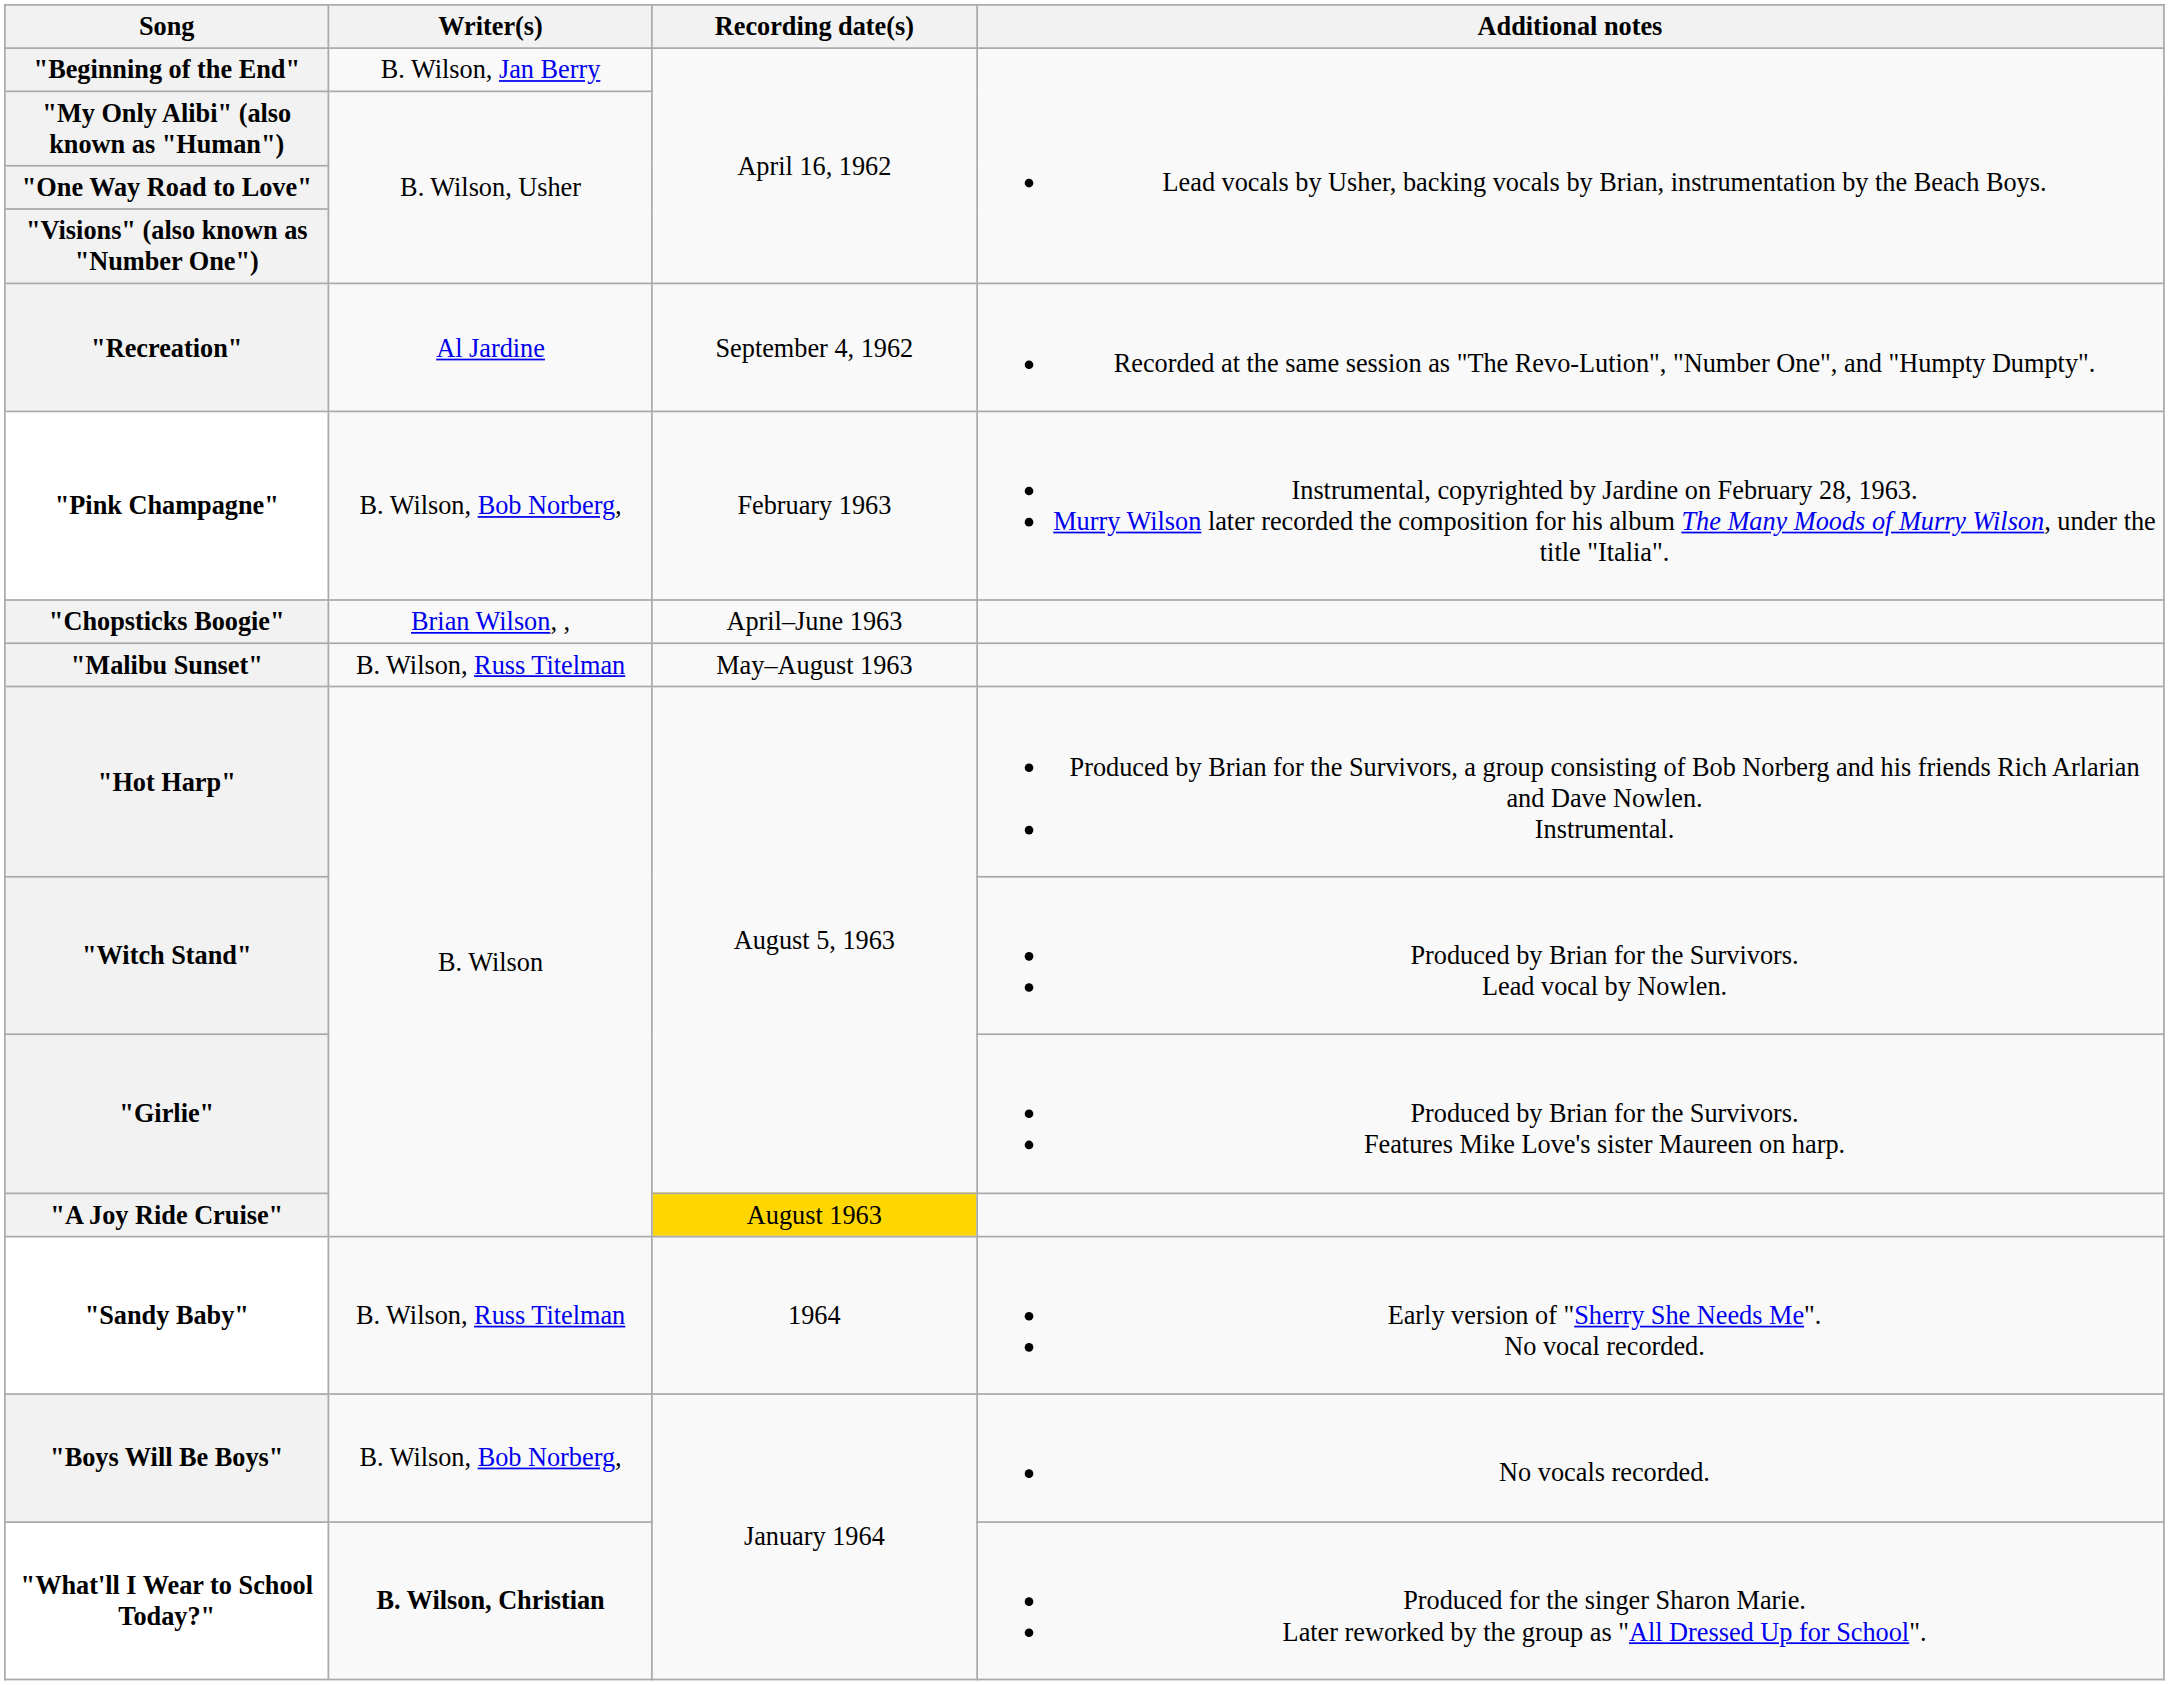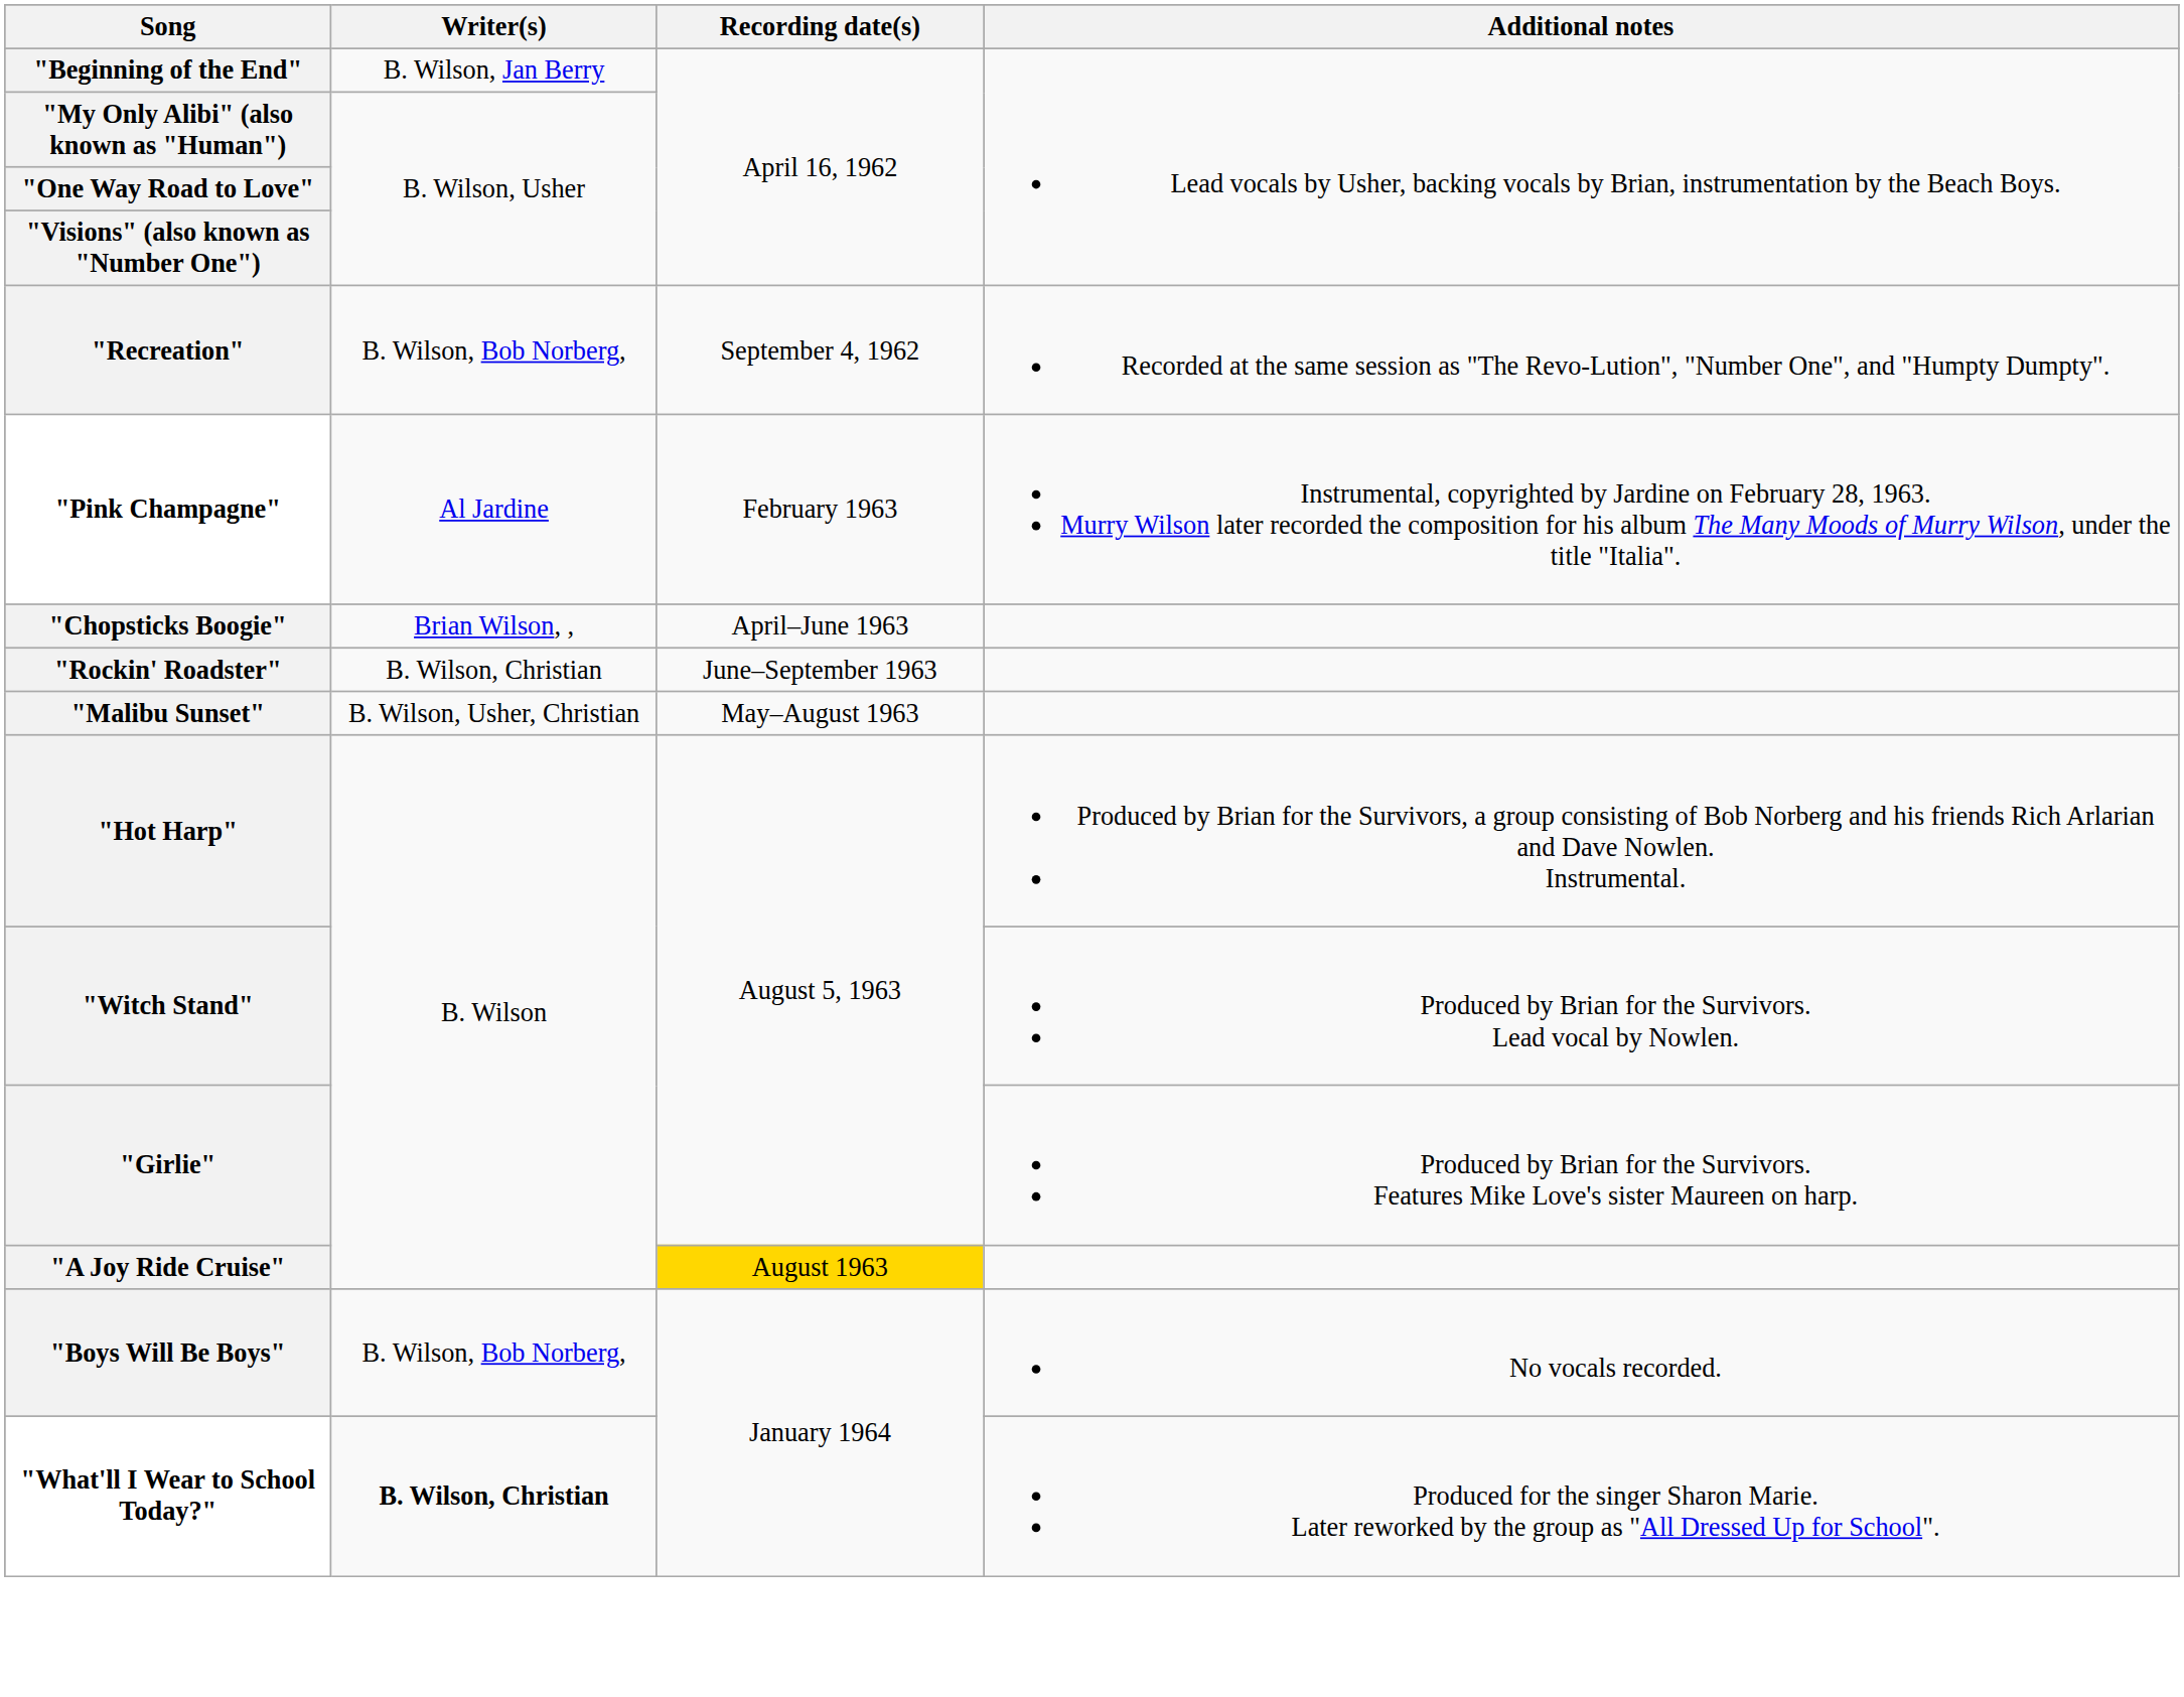 <table class="wikitable sortable plainrowheaders" style="font-size:95%; width=1250; text-align:center;">
 <tr>
 <th scope="col" style="width: 15%;">Song</th>
 <th scope="col" style="width: 15%;">Writer(s)</th>
 <th scope="col" style="width: 15%;">Recording date(s)</th>
 <th class="unsortable" scope="col">Additional notes</th>
 </tr>
 <tr>
 <th scope="row">"Beginning of the End"</th>
 <td>B. Wilson, <a href='#'>Jan Berry</a></td>
 <td rowspan="4"; data-sort-value="1962-04-16">April 16, 1962</td>
 <td rowspan="4"><br><ul><li>Lead vocals by Usher, backing vocals by Brian, instrumentation by the Beach Boys.</li></ul></td>
 </tr>
 <tr>
 <th scope="row">"My Only Alibi" (also known as "Human")</th>
 <td rowspan="3">B. Wilson, Usher</td>
 </tr>
 <tr>
 <th scope="row">"One Way Road to Love"</th>
 </tr>
 <tr>
 <th scope="row">"Visions" (also known as "Number One")</th>
 </tr>
 <tr>
 <th scope="row">"Recreation"</th>
-<td><a href='#'>Al Jardine</a></td>
+<td>B. Wilson, <a href='#'>Bob Norberg</a>, </td>
 <td data-sort-value="1962-09-04">September 4, 1962</td>
 <td><br><ul><li>Recorded at the same session as "The Revo-Lution", "Number One", and "Humpty Dumpty".</li></ul></td>
 </tr>
 <tr>
 <th scope="row"; style="background-color: white;">"Pink Champagne"</th>
-<td>B. Wilson, <a href='#'>Bob Norberg</a>, </td>
+<td><a href='#'>Al Jardine</a></td>
 <td data-sort-value="1963-02">February 1963</td>
 <td><br><ul><li>Instrumental, copyrighted by Jardine on February 28, 1963.</li><li><a href='#'>Murry Wilson</a> later recorded the composition for his album <em><a href='#'>The Many Moods of Murry Wilson</a></em>, under the title "Italia".</li></ul></td>
 </tr>
 <tr>
 <th scope="row">"Chopsticks Boogie"</th>
 <td><a href='#'>Brian Wilson</a>, , </td>
 <td data-sort-value="1963-04"> April–June 1963</td>
 <td></td>
 </tr>
 <tr>
+<th scope="row">"Rockin' Roadster"</th>
+<td>B. Wilson, Christian</td>
+<td data-sort-value="1963-06-20"> June–September 1963</td>
+<td></td>
+</tr>
+<tr>
 <th scope="row">"Malibu Sunset"</th>
-<td>B. Wilson, <a href='#'>Russ Titelman</a></td>
+<td>B. Wilson, Usher, Christian</td>
 <td data-sort-value="1963-05"> May–August 1963</td>
 <td></td>
 </tr>
 <tr>
 <th scope="row">"Hot Harp"</th>
 <td rowspan="4">B. Wilson</td>
 <td data-sort-value="1963-08-05"; rowspan="3">August 5, 1963</td>
 <td><br><ul><li>Produced by Brian for the Survivors, a group consisting of Bob Norberg and his friends Rich Arlarian and Dave Nowlen.</li><li>Instrumental.</li></ul></td>
 </tr>
 <tr>
 <th scope="row">"Witch Stand"</th>
 <td><br><ul><li>Produced by Brian for the Survivors.</li><li>Lead vocal by Nowlen.</li></ul></td>
 </tr>
 <tr>
 <th scope="row">"Girlie"</th>
 <td><br><ul><li>Produced by Brian for the Survivors.</li><li>Features Mike Love's sister Maureen on harp.</li></ul></td>
 </tr>
 <tr>
 <th scope="row">"A Joy Ride Cruise"</th>
 <td data-sort-value="1963-08" style="background: gold;">August 1963</td>
 <td></td>
 </tr>
 <tr>
-<th scope="row"; style="background-color: white;">"Sandy Baby"</th>
-<td>B. Wilson, <a href='#'>Russ Titelman</a></td>
-<td>1964</td>
-<td><br><ul><li>Early version of "<a href='#'>Sherry She Needs Me</a>".</li><li>No vocal recorded.</li></ul></td>
-</tr>
-<tr>
 <th scope="row">"Boys Will Be Boys"</th>
 <td>B. Wilson, <a href='#'>Bob Norberg</a>, </td>
 <td data-sort-value="1964-01"; rowspan="2">January 1964</td>
 <td><br><ul><li>No vocals recorded.</li></ul></td>
 </tr>
 <tr>
 <th scope="row"; style="background-color: white;">"What'll I Wear to School Today?"</th>
 <td><strong>B. Wilson, Christian</strong></td>
 <td><br><ul><li>Produced for the singer Sharon Marie.</li><li>Later reworked by the group as "<a href='#'>All Dressed Up for School</a>".</li></ul></td>
 </tr>
 </table>
